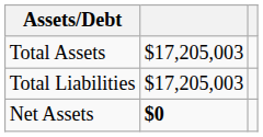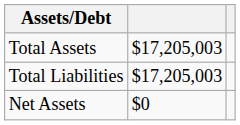 <table class="wikitable">
 <tr>
 <th>Assets/Debt</th>
 <th></th>
 <th></th>
 </tr>
 <tr>
 <td>Total Assets</td>
 <td>$17,205,003</td>
 <td></td>
 </tr>
 <tr>
 <td>Total Liabilities</td>
 <td>$17,205,003</td>
 <td></td>
 </tr>
 <tr>
 <td>Net Assets</td>
-<td><strong>$0</strong></td>
+<td>$0</td>
 </tr>
 </table>
